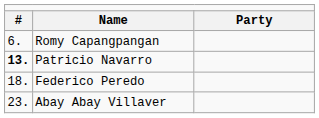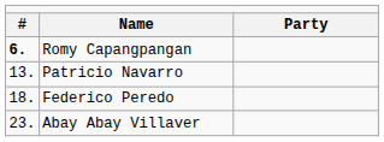 <table class=wikitable style="font-size:90%">
 <tr>
 <td colspan=4 bgcolor=></td>
 </tr>
 <tr>
 <th>#</th>
 <th width=150px>Name</th>
 <th colspan=2 width=110px>Party</th>
 </tr>
 <tr>
-<td>6.</td>
+<td><strong>6.</strong></td>
 <td>Romy Capangpangan</td>
 <td></td>
 </tr>
 <tr>
-<td><strong>13.</strong></td>
+<td>13.</td>
 <td>Patricio Navarro</td>
 <td></td>
 </tr>
 <tr>
 <td>18.</td>
 <td>Federico Peredo</td>
 <td></td>
 </tr>
 <tr>
 <td>23.</td>
 <td>Abay Abay Villaver</td>
 <td></td>
 </tr>
 </table>
